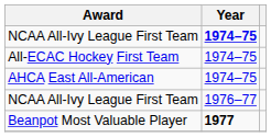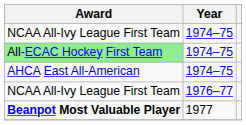 <table class="wikitable">
 <tr>
 <th>Award</th>
 <th>Year</th>
 <th></th>
 </tr>
 <tr>
 <td>NCAA All-Ivy League First Team</td>
-<td><strong><a href='#'>1974–75</a></strong></td>
+<td><a href='#'>1974–75</a></td>
 <td></td>
 </tr>
 <tr>
-<td>All-<a href='#'>ECAC Hockey</a> <a href='#'>First Team</a></td>
+<td style="background: lightgreen;">All-<a href='#'>ECAC Hockey</a> <a href='#'>First Team</a></td>
 <td><a href='#'>1974–75</a></td>
 <td></td>
 </tr>
 <tr>
 <td><a href='#'>AHCA</a> <a href='#'>East All-American</a></td>
 <td><a href='#'>1974–75</a></td>
 <td></td>
 </tr>
 <tr>
 <td>NCAA All-Ivy League First Team</td>
 <td><a href='#'>1976–77</a></td>
 <td></td>
 </tr>
 <tr>
-<td><a href='#'>Beanpot</a> Most Valuable Player</td>
-<td><strong>1977</strong></td>
+<td><strong><a href='#'>Beanpot</a> Most Valuable Player</strong></td>
+<td>1977</td>
 <td></td>
 </tr>
 <tr>
 </tr>
 </table>
